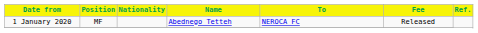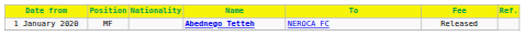 <table class="wikitable"  style="text-align:center; font-size:90%; ">
 <tr>
 <th style="background:#F7F408; color:#00A050; width:120px;">Date from</th>
 <th style="background:#F7F408; color:#00A050; width:50px;">Position</th>
 <th style="background:#F7F408; color:#00A050; width:50px;">Nationality</th>
 <th style="background:#F7F408; color:#00A050; width:150px;">Name</th>
 <th style="background:#F7F408; color:#00A050; width:200px;">To</th>
 <th style="background:#F7F408; color:#00A050; width:110px;">Fee</th>
 <th style="background:#F7F408; color:#00A050; width:25px;">Ref.</th>
 </tr>
 <tr>
 <td>1 January 2020</td>
 <td style="text-align:center;">MF</td>
 <td style="text-align:center;"></td>
-<td style="text-align:left;"><a href='#'>Abednego Tetteh</a></td>
+<td style="text-align:left;"><strong><a href='#'>Abednego Tetteh</a></strong></td>
 <td style="text-align:left;"><a href='#'>NEROCA FC</a></td>
 <td>Released</td>
 </tr>
 <tr>
 </tr>
 </table>
